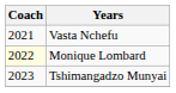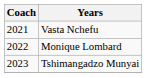 <table class="wikitable collapsible">
 <tr>
 <th>Coach</th>
 <th>Years</th>
 </tr>
 <tr>
 <td>2021</td>
 <td>Vasta Nchefu</td>
 </tr>
 <tr>
-<td style="background: lightyellow;">2022</td>
+<td>2022</td>
 <td>Monique Lombard</td>
 </tr>
 <tr>
 <td>2023</td>
 <td>Tshimangadzo Munyai</td>
 </tr>
 <tr>
 </tr>
 </table>
